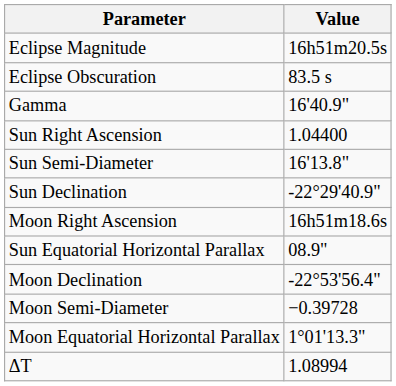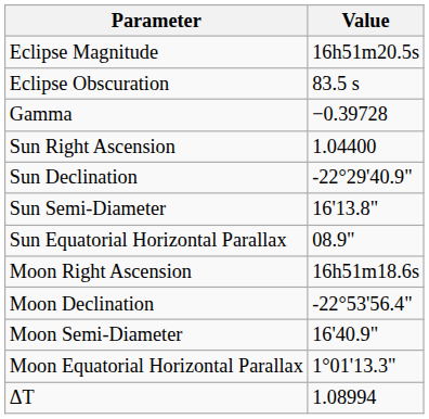 <table class="wikitable">
 <tr>
 <th>Parameter</th>
 <th>Value</th>
 </tr>
 <tr>
 <td>Eclipse Magnitude</td>
 <td>16h51m20.5s</td>
 </tr>
 <tr>
 <td>Eclipse Obscuration</td>
 <td>83.5 s</td>
 </tr>
 <tr>
 <td>Gamma</td>
-<td>16'40.9"</td>
+<td>−0.39728</td>
 </tr>
 <tr>
 <td>Sun Right Ascension</td>
 <td>1.04400</td>
 </tr>
 <tr>
+<td>Sun Declination</td>
+<td>-22°29'40.9"</td>
+</tr>
+<tr>
 <td>Sun Semi-Diameter</td>
 <td>16'13.8"</td>
 </tr>
 <tr>
-<td>Sun Declination</td>
-<td>-22°29'40.9"</td>
+<td>Sun Equatorial Horizontal Parallax</td>
+<td>08.9"</td>
 </tr>
 <tr>
 <td>Moon Right Ascension</td>
 <td>16h51m18.6s</td>
-</tr>
-<tr>
-<td>Sun Equatorial Horizontal Parallax</td>
-<td>08.9"</td>
 </tr>
 <tr>
 <td>Moon Declination</td>
 <td>-22°53'56.4"</td>
 </tr>
 <tr>
 <td>Moon Semi-Diameter</td>
-<td>−0.39728</td>
+<td>16'40.9"</td>
 </tr>
 <tr>
 <td>Moon Equatorial Horizontal Parallax</td>
 <td>1°01'13.3"</td>
 </tr>
 <tr>
 <td>ΔT</td>
 <td>1.08994</td>
 </tr>
 </table>
